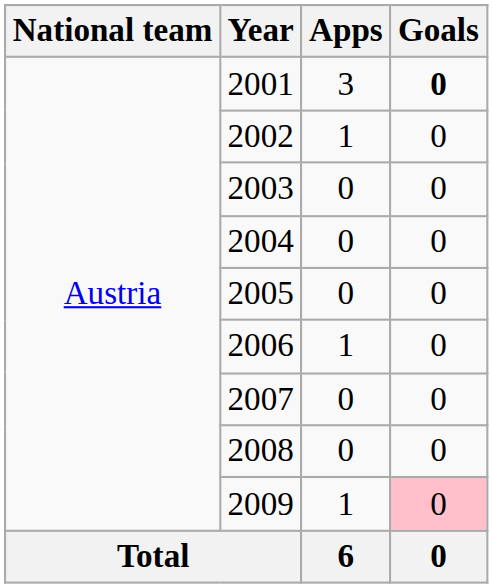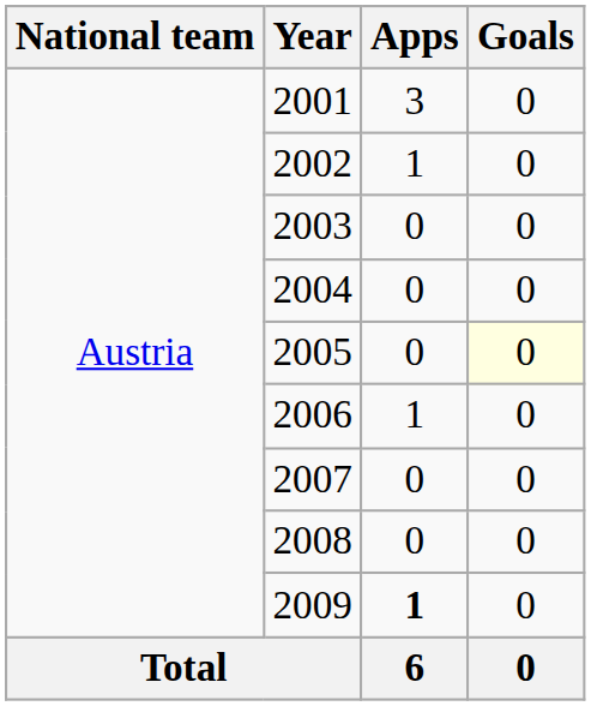 <table class="wikitable" style="text-align:center">
 <tr>
 <th>National team</th>
 <th>Year</th>
 <th>Apps</th>
 <th>Goals</th>
 </tr>
 <tr>
 <td rowspan="9"><a href='#'>Austria</a></td>
 <td>2001</td>
 <td>3</td>
-<td><strong>0</strong></td>
+<td>0</td>
 </tr>
 <tr>
 <td>2002</td>
 <td>1</td>
 <td>0</td>
 </tr>
 <tr>
 <td>2003</td>
 <td>0</td>
 <td>0</td>
 </tr>
 <tr>
 <td>2004</td>
 <td>0</td>
 <td>0</td>
 </tr>
 <tr>
 <td>2005</td>
 <td>0</td>
-<td>0</td>
+<td style="background: lightyellow;">0</td>
 </tr>
 <tr>
 <td>2006</td>
 <td>1</td>
 <td>0</td>
 </tr>
 <tr>
 <td>2007</td>
 <td>0</td>
 <td>0</td>
 </tr>
 <tr>
 <td>2008</td>
 <td>0</td>
 <td>0</td>
 </tr>
 <tr>
 <td>2009</td>
-<td>1</td>
-<td style="background: pink;">0</td>
+<td><strong>1</strong></td>
+<td>0</td>
 </tr>
 <tr>
 <th colspan="2">Total</th>
 <th>6</th>
 <th>0</th>
 </tr>
 </table>
